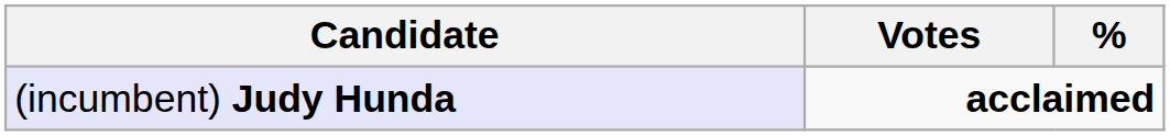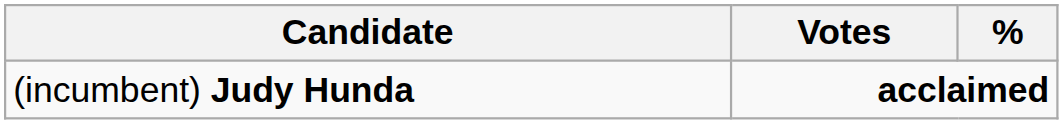 <table style="width:475px;" class="wikitable">
 <tr>
 <th align="center">Candidate</th>
 <th align="center">Votes</th>
 <th align="center">%</th>
 </tr>
 <tr>
-<td align="left" style="background: lavender;">(incumbent) <strong>Judy Hunda</strong></td>
+<td align="left">(incumbent) <strong>Judy Hunda</strong></td>
 <td align="right" colspan="2"><strong>acclaimed</strong></td>
 </tr>
 </table>
